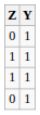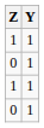 <table class="wikitable">
 <tr>
 <th>Z</th>
 <th>Y</th>
 </tr>
 <tr align=center>
-<td>0</td>
+<td>1</td>
 <td>1</td>
 </tr>
 <tr align=center>
-<td>1</td>
+<td>0</td>
 <td>1</td>
 </tr>
 <tr align=center>
 <td>1</td>
 <td>1</td>
 </tr>
 <tr align=center>
 <td>0</td>
 <td>1</td>
 </tr>
 </table>
